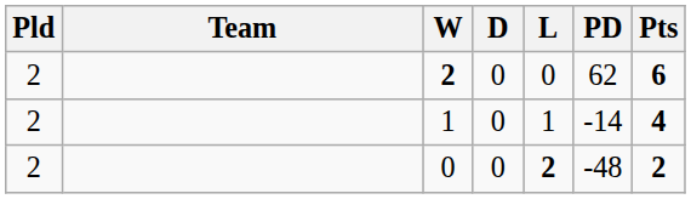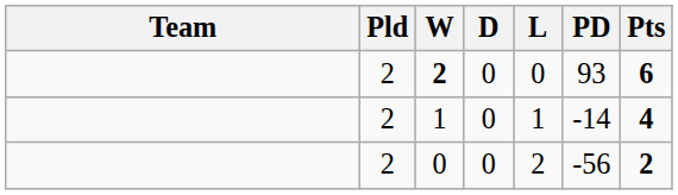 <table class="wikitable" style="text-align:center;">
 <tr>
+<th width="190">Team</th>
 <th width="20" abbr="Played">Pld</th>
-<th width="190">Team</th>
 <th width="20" abbr="Won">W</th>
 <th width="20" abbr="Drawn">D</th>
 <th width="20" abbr="Lost">L</th>
 <th width="25" abbr="Points difference">PD</th>
 <th width="20" abbr="Points">Pts</th>
 </tr>
 <tr>
+<td align="left"></td>
 <td>2</td>
-<td align="left"></td>
 <td><strong>2</strong></td>
 <td>0</td>
 <td>0</td>
-<td>62</td>
+<td>93</td>
 <td><strong>6</strong></td>
 </tr>
 <tr>
+<td align="left"></td>
 <td>2</td>
-<td align="left"></td>
 <td>1</td>
 <td>0</td>
 <td>1</td>
 <td>-14</td>
 <td><strong>4</strong></td>
 </tr>
 <tr>
+<td align="left"></td>
 <td>2</td>
-<td align="left"></td>
 <td>0</td>
 <td>0</td>
-<td><strong>2</strong></td>
-<td>-48</td>
+<td>2</td>
+<td>-56</td>
 <td><strong>2</strong></td>
 </tr>
 </table>
